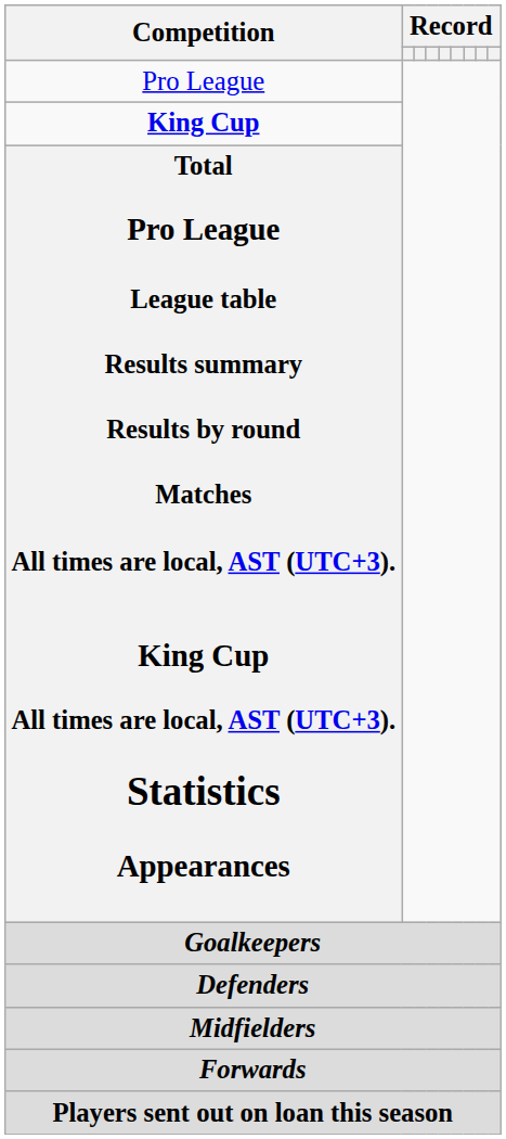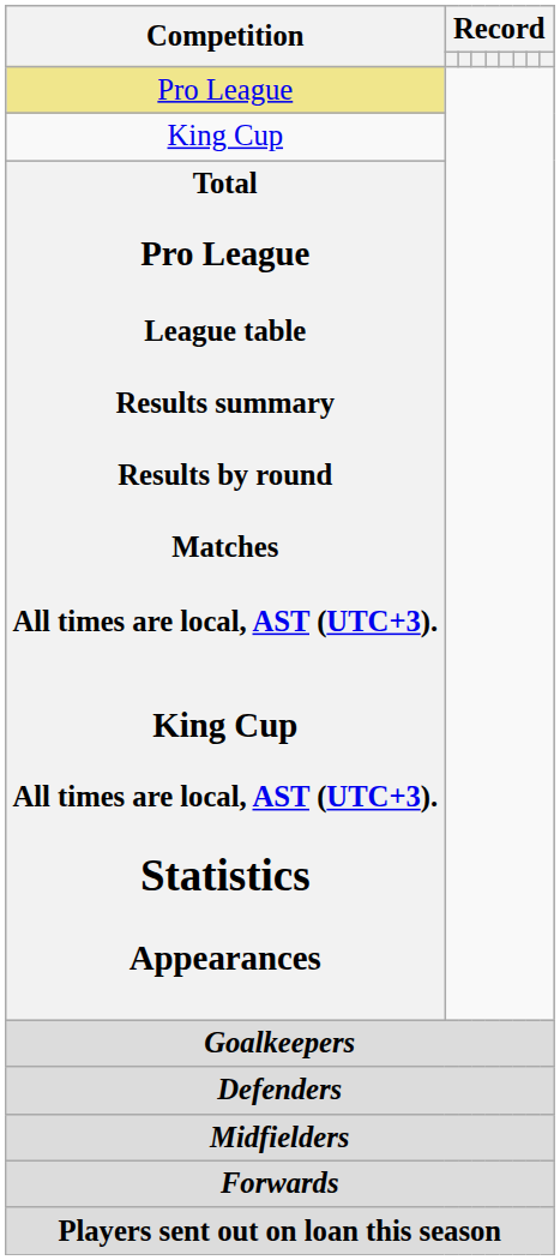 <table class="wikitable" style="text-align: center">
 <tr>
 <th rowspan=2>Competition</th>
 <th colspan=8>Record</th>
 </tr>
 <tr>
 <th></th>
 <th></th>
 <th></th>
 <th></th>
 <th></th>
 <th></th>
 <th></th>
 <th></th>
 </tr>
 <tr>
-<td><a href='#'>Pro League</a><br></td>
+<td style="background: khaki;"><a href='#'>Pro League</a><br></td>
 </tr>
 <tr>
-<td><strong><a href='#'>King Cup</a><br></strong></td>
+<td><a href='#'>King Cup</a><br></td>
 </tr>
 <tr>
 <th>Total<br> <h3>Pro League</h3><h4>League table</h4><h4>Results summary</h4> <h4>Results by round</h4><h4>Matches</h4>All times are local, <a href='#'>AST</a> (<a href='#'>UTC+3</a>).<br>   <br>                             <h3>King Cup</h3> All times are local, <a href='#'>AST</a> (<a href='#'>UTC+3</a>).<br><h2>Statistics</h2><h3>Appearances</h3></th>
 </tr>
 <tr>
 <th colspan=10 style=background:#dcdcdc; text-align:center><em>Goalkeepers</em><br>   </th>
 </tr>
 <tr>
 <th colspan=10 style=background:#dcdcdc; text-align:center><em>Defenders</em><br>       </th>
 </tr>
 <tr>
 <th colspan=10 style=background:#dcdcdc; text-align:center><em>Midfielders</em><br>             </th>
 </tr>
 <tr>
 <th colspan=10 style=background:#dcdcdc; text-align:center><em>Forwards</em><br>  </th>
 </tr>
 <tr>
 <th colspan=14 style=background:#dcdcdc; text-align:center>Players sent out on loan this season<br></th>
 </tr>
 </table>
